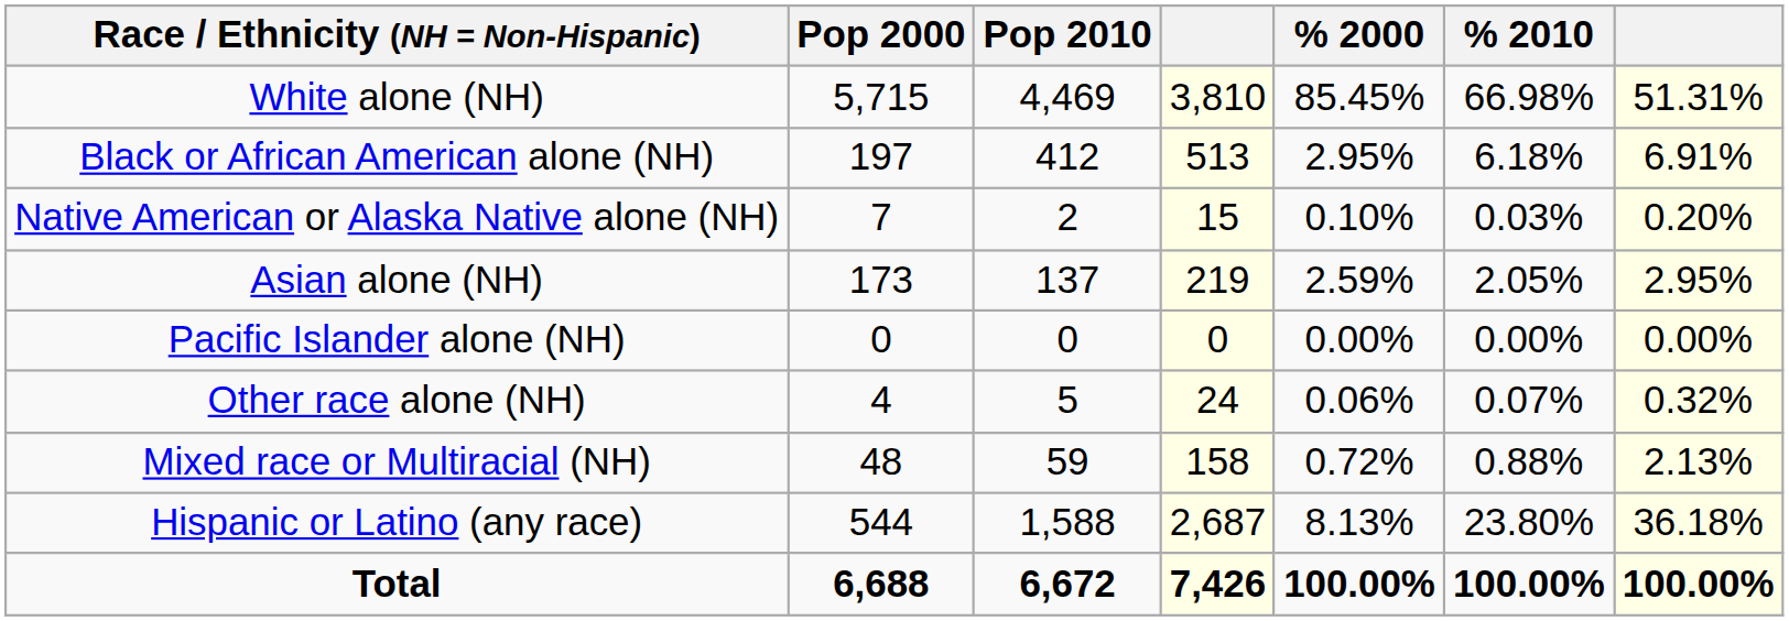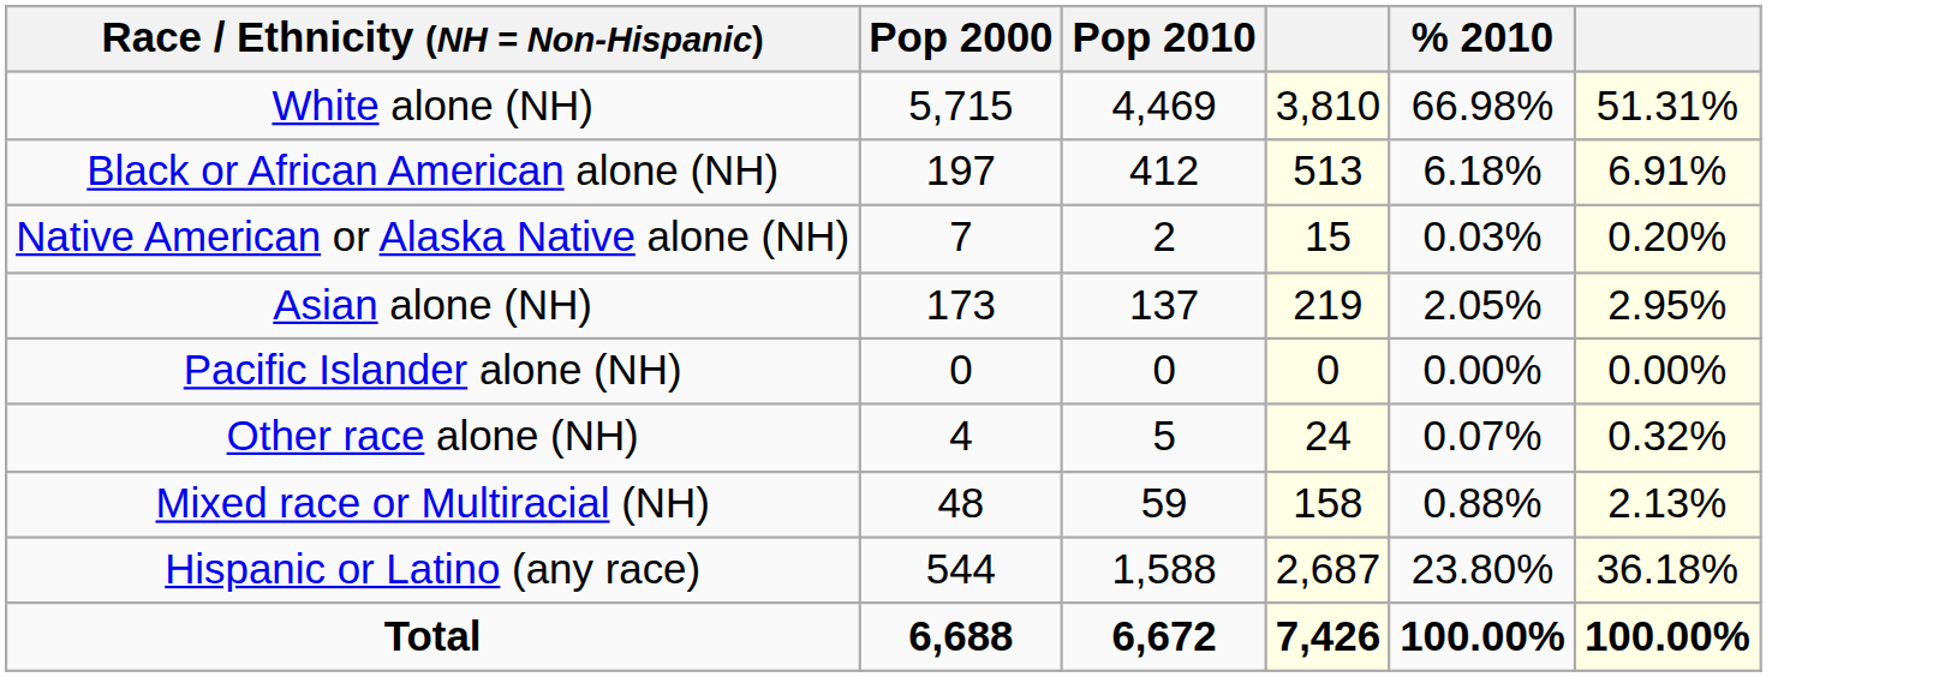 <table class="wikitable" style="text-align:center;">
 <tr>
 <th>Race / Ethnicity <small>(<em>NH = Non-Hispanic</em>)</small></th>
 <th>Pop 2000</th>
 <th>Pop 2010</th>
 <th></th>
-<th>% 2000</th>
 <th>% 2010</th>
 <th></th>
 </tr>
 <tr>
 <td><a href='#'>White</a> alone (NH)</td>
 <td>5,715</td>
 <td>4,469</td>
 <td style='background: #ffffe6;'>3,810</td>
-<td>85.45%</td>
 <td>66.98%</td>
 <td style='background: #ffffe6;'>51.31%</td>
 </tr>
 <tr>
 <td><a href='#'>Black or African American</a> alone (NH)</td>
 <td>197</td>
 <td>412</td>
 <td style='background: #ffffe6;'>513</td>
-<td>2.95%</td>
 <td>6.18%</td>
 <td style='background: #ffffe6;'>6.91%</td>
 </tr>
 <tr>
 <td><a href='#'>Native American</a> or <a href='#'>Alaska Native</a> alone (NH)</td>
 <td>7</td>
 <td>2</td>
 <td style='background: #ffffe6;'>15</td>
-<td>0.10%</td>
 <td>0.03%</td>
 <td style='background: #ffffe6;'>0.20%</td>
 </tr>
 <tr>
 <td><a href='#'>Asian</a> alone (NH)</td>
 <td>173</td>
 <td>137</td>
 <td style='background: #ffffe6;'>219</td>
-<td>2.59%</td>
 <td>2.05%</td>
 <td style='background: #ffffe6;'>2.95%</td>
 </tr>
 <tr>
 <td><a href='#'>Pacific Islander</a> alone (NH)</td>
 <td>0</td>
 <td>0</td>
 <td style='background: #ffffe6;'>0</td>
 <td>0.00%</td>
-<td>0.00%</td>
 <td style='background: #ffffe6;'>0.00%</td>
 </tr>
 <tr>
 <td><a href='#'>Other race</a> alone (NH)</td>
 <td>4</td>
 <td>5</td>
 <td style='background: #ffffe6;'>24</td>
-<td>0.06%</td>
 <td>0.07%</td>
 <td style='background: #ffffe6;'>0.32%</td>
 </tr>
 <tr>
 <td><a href='#'>Mixed race or Multiracial</a> (NH)</td>
 <td>48</td>
 <td>59</td>
 <td style='background: #ffffe6;'>158</td>
-<td>0.72%</td>
 <td>0.88%</td>
 <td style='background: #ffffe6;'>2.13%</td>
 </tr>
 <tr>
 <td><a href='#'>Hispanic or Latino</a> (any race)</td>
 <td>544</td>
 <td>1,588</td>
 <td style='background: #ffffe6;'>2,687</td>
-<td>8.13%</td>
 <td>23.80%</td>
 <td style='background: #ffffe6;'>36.18%</td>
 </tr>
 <tr>
 <td><strong>Total</strong></td>
 <td><strong>6,688</strong></td>
 <td><strong>6,672</strong></td>
 <td style='background: #ffffe6;'><strong>7,426</strong></td>
 <td><strong>100.00%</strong></td>
-<td><strong>100.00%</strong></td>
 <td style='background: #ffffe6;'><strong>100.00%</strong></td>
 </tr>
 </table>
